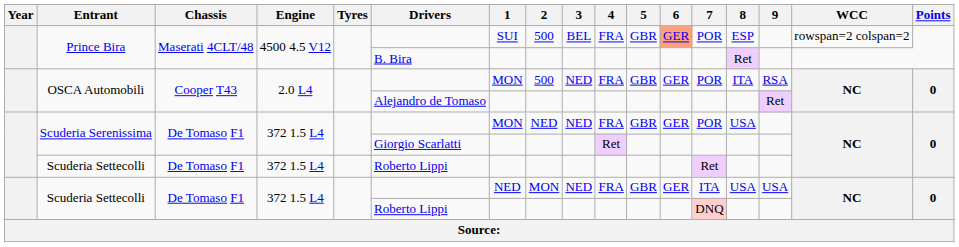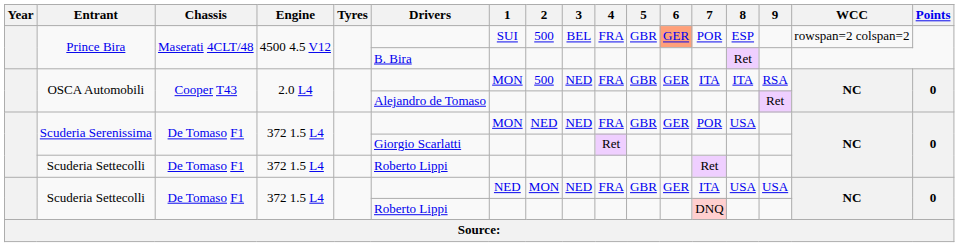 <table class="wikitable" style="text-align:center; font-size:85%">
 <tr>
 <th>Year</th>
 <th>Entrant</th>
 <th>Chassis</th>
 <th>Engine</th>
 <th>Tyres</th>
 <th>Drivers</th>
 <th>1</th>
 <th>2</th>
 <th>3</th>
 <th>4</th>
 <th>5</th>
 <th>6</th>
 <th>7</th>
 <th>8</th>
 <th>9</th>
 <th>WCC</th>
 <th><a href='#'>Points</a></th>
 </tr>
 <tr>
 <th rowspan=2></th>
 <td rowspan=2><a href='#'>Prince Bira</a></td>
 <td rowspan=2><a href='#'>Maserati</a> <a href='#'>4CLT/48</a></td>
 <td rowspan=2>4500 4.5 <a href='#'>V12</a></td>
 <td rowspan=2></td>
 <td></td>
 <td><a href='#'>SUI</a></td>
 <td><a href='#'>500</a></td>
 <td><a href='#'>BEL</a></td>
 <td><a href='#'>FRA</a></td>
 <td><a href='#'>GBR</a></td>
 <td style="background: lightsalmon;"><a href='#'>GER</a></td>
 <td><a href='#'>POR</a></td>
 <td><a href='#'>ESP</a></td>
 <td></td>
 <td>rowspan=2 colspan=2 </td>
 </tr>
 <tr>
 <td align="left"> <a href='#'>B. Bira</a></td>
 <td></td>
 <td></td>
 <td></td>
 <td></td>
 <td></td>
 <td></td>
 <td></td>
 <td style="background:#EFCFFF;">Ret</td>
 <td></td>
 </tr>
 <tr>
 <th rowspan=2></th>
 <td rowspan=2>OSCA Automobili</td>
 <td rowspan=2><a href='#'>Cooper</a> <a href='#'>T43</a></td>
 <td rowspan=2>2.0 <a href='#'>L4</a></td>
 <td rowspan=2></td>
 <td></td>
 <td><a href='#'>MON</a></td>
 <td><a href='#'>500</a></td>
 <td><a href='#'>NED</a></td>
 <td><a href='#'>FRA</a></td>
 <td><a href='#'>GBR</a></td>
 <td><a href='#'>GER</a></td>
-<td><a href='#'>POR</a></td>
+<td><a href='#'>ITA</a></td>
 <td><a href='#'>ITA</a></td>
 <td><a href='#'>RSA</a></td>
 <th rowspan=2>NC</th>
 <th rowspan=2>0</th>
 </tr>
 <tr>
 <td align="left"> <a href='#'>Alejandro de Tomaso</a></td>
 <td></td>
 <td></td>
 <td></td>
 <td></td>
 <td></td>
 <td></td>
 <td></td>
 <td></td>
 <td style="background:#EFCFFF;">Ret</td>
 </tr>
 <tr>
 <th rowspan=3></th>
 <td rowspan=2><a href='#'>Scuderia Serenissima</a></td>
 <td rowspan=2><a href='#'>De Tomaso</a> <a href='#'>F1</a></td>
 <td rowspan=2>372 1.5 <a href='#'>L4</a></td>
 <td rowspan=2></td>
 <td></td>
 <td><a href='#'>MON</a></td>
 <td><a href='#'>NED</a></td>
 <td><a href='#'>NED</a></td>
 <td><a href='#'>FRA</a></td>
 <td><a href='#'>GBR</a></td>
 <td><a href='#'>GER</a></td>
 <td><a href='#'>POR</a></td>
 <td><a href='#'>USA</a></td>
 <td></td>
 <th rowspan=3>NC</th>
 <th rowspan=3>0</th>
 </tr>
 <tr>
 <td align="left"> <a href='#'>Giorgio Scarlatti</a></td>
 <td></td>
 <td></td>
 <td></td>
 <td style="background:#EFCFFF;">Ret</td>
 <td></td>
 <td></td>
 <td></td>
 <td></td>
 <td></td>
 </tr>
 <tr>
 <td>Scuderia Settecolli</td>
 <td><a href='#'>De Tomaso</a> <a href='#'>F1</a></td>
 <td>372 1.5 <a href='#'>L4</a></td>
 <td></td>
 <td align="left"> <a href='#'>Roberto Lippi</a></td>
 <td></td>
 <td></td>
 <td></td>
 <td></td>
 <td></td>
 <td></td>
 <td style="background:#EFCFFF;">Ret</td>
 <td></td>
 <td></td>
 </tr>
 <tr>
 <th rowspan=2></th>
 <td rowspan=2>Scuderia Settecolli</td>
 <td rowspan=2><a href='#'>De Tomaso</a> <a href='#'>F1</a></td>
 <td rowspan=2>372 1.5 <a href='#'>L4</a></td>
 <td rowspan=2></td>
 <td></td>
 <td><a href='#'>NED</a></td>
 <td><a href='#'>MON</a></td>
 <td><a href='#'>NED</a></td>
 <td><a href='#'>FRA</a></td>
 <td><a href='#'>GBR</a></td>
 <td><a href='#'>GER</a></td>
 <td><a href='#'>ITA</a></td>
 <td><a href='#'>USA</a></td>
 <td><a href='#'>USA</a></td>
 <th rowspan=2>NC</th>
 <th rowspan=2>0</th>
 </tr>
 <tr>
 <td align="left"> <a href='#'>Roberto Lippi</a></td>
 <td></td>
 <td></td>
 <td></td>
 <td></td>
 <td></td>
 <td></td>
 <td style="background:#ffcfcf;">DNQ</td>
 <td></td>
 <td></td>
 </tr>
 <tr>
 <th colspan="17">Source:</th>
 </tr>
 </table>
